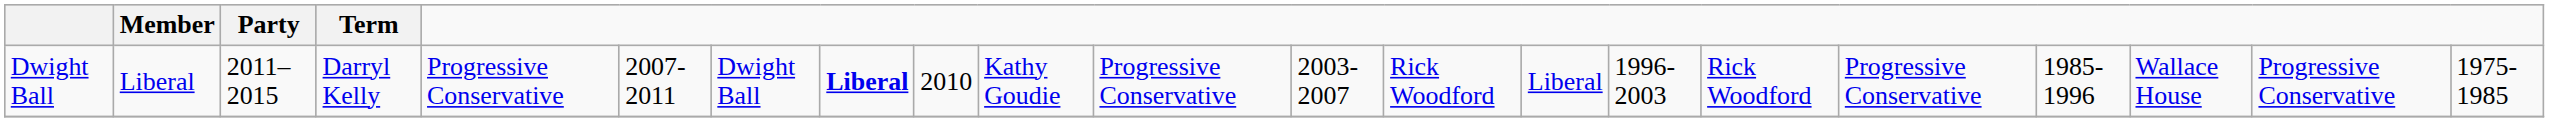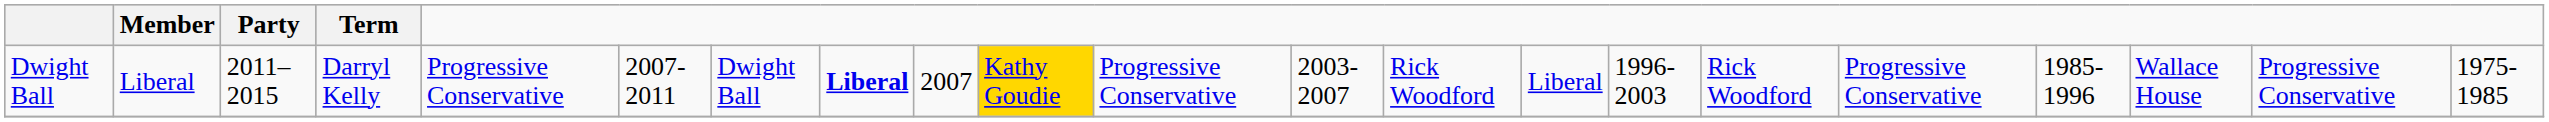 <table class="wikitable">
 <tr>
 <th> </th>
 <th>Member</th>
 <th>Party</th>
 <th>Term</th>
 </tr>
 <tr>
 <td><a href='#'>Dwight Ball</a></td>
 <td><a href='#'>Liberal</a></td>
 <td>2011–2015<br></td>
 <td><a href='#'>Darryl Kelly</a></td>
 <td><a href='#'>Progressive Conservative</a></td>
 <td>2007-2011<br></td>
 <td><a href='#'>Dwight Ball</a></td>
 <td><strong><a href='#'>Liberal</a></strong></td>
-<td>2010<br></td>
-<td><a href='#'>Kathy Goudie</a></td>
+<td>2007<br></td>
+<td style="background: gold;"><a href='#'>Kathy Goudie</a></td>
 <td><a href='#'>Progressive Conservative</a></td>
 <td>2003-2007<br></td>
 <td><a href='#'>Rick Woodford</a></td>
 <td><a href='#'>Liberal</a></td>
 <td>1996-2003<br></td>
 <td><a href='#'>Rick Woodford</a></td>
 <td><a href='#'>Progressive Conservative</a></td>
 <td>1985-1996<br></td>
 <td><a href='#'>Wallace House</a></td>
 <td><a href='#'>Progressive Conservative</a></td>
 <td>1975-1985</td>
 </tr>
 <tr>
 </tr>
 </table>
